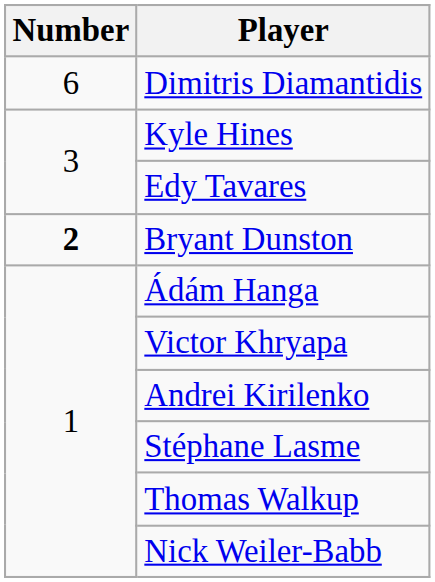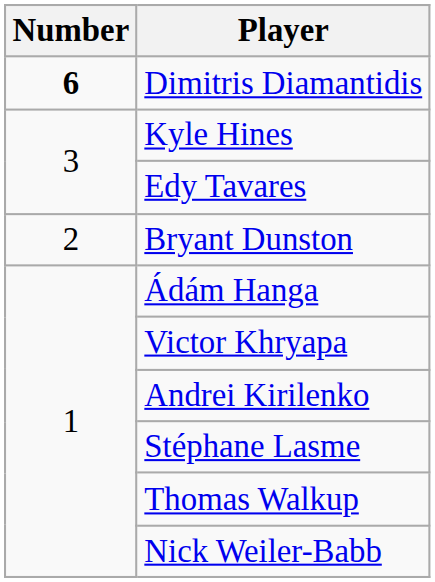 <table class="wikitable sortable">
 <tr>
 <th>Number</th>
 <th>Player</th>
 </tr>
 <tr>
-<td style="text-align:center;">6</td>
+<td style="text-align:center;"><strong>6</strong></td>
 <td> <a href='#'>Dimitris Diamantidis</a></td>
 </tr>
 <tr>
 <td rowspan="2" style="text-align:center;">3</td>
 <td> <a href='#'>Kyle Hines</a></td>
 </tr>
 <tr>
 <td> <a href='#'>Edy Tavares</a></td>
 </tr>
 <tr>
-<td style="text-align:center;"><strong>2</strong></td>
+<td style="text-align:center;">2</td>
 <td> <a href='#'>Bryant Dunston</a></td>
 </tr>
 <tr>
 <td rowspan="6" style="text-align:center;">1</td>
 <td> <a href='#'>Ádám Hanga</a></td>
 </tr>
 <tr>
 <td> <a href='#'>Victor Khryapa</a></td>
 </tr>
 <tr>
 <td> <a href='#'>Andrei Kirilenko</a></td>
 </tr>
 <tr>
 <td> <a href='#'>Stéphane Lasme</a></td>
 </tr>
 <tr>
 <td> <a href='#'>Thomas Walkup</a></td>
 </tr>
 <tr>
 <td> <a href='#'>Nick Weiler-Babb</a></td>
 </tr>
 </table>
